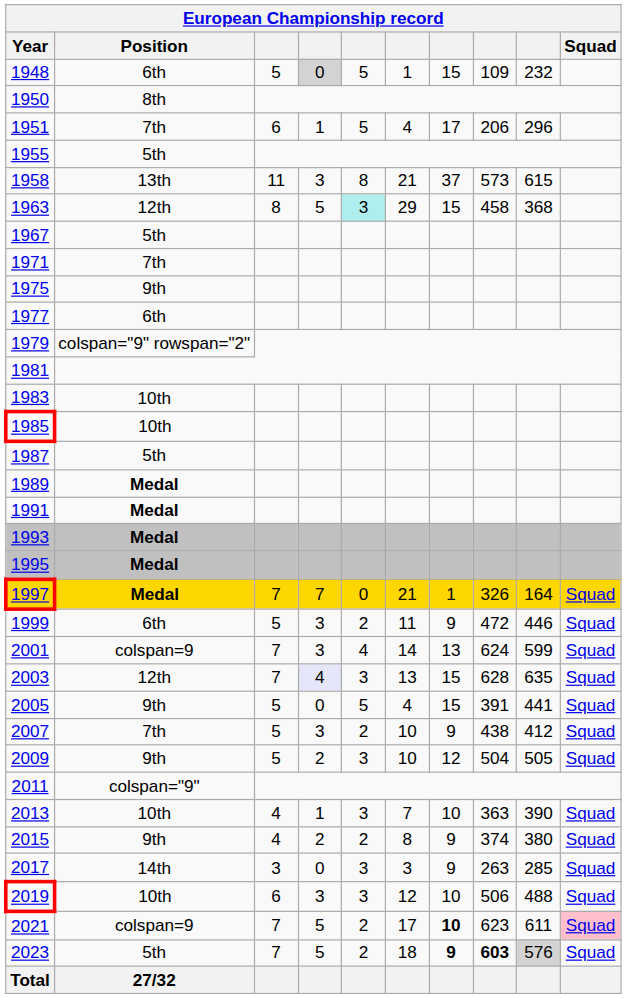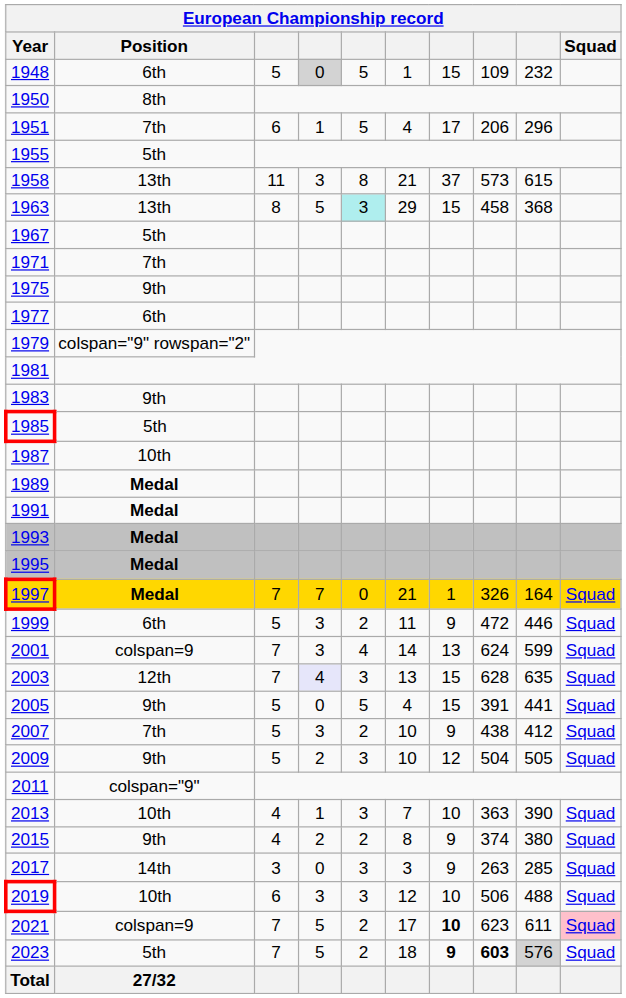 <table class="wikitable" style="text-align: center;font-size:90%;">
 <tr>
 <th colspan=10><a href='#'>European Championship record</a></th>
 </tr>
 <tr>
 <th>Year</th>
 <th>Position</th>
 <th width=30></th>
 <th width=30></th>
 <th width=30></th>
 <th width=30></th>
 <th width=30></th>
 <th width=30></th>
 <th width=30></th>
 <th width=30>Squad</th>
 </tr>
 <tr>
 <td> <a href='#'>1948</a></td>
 <td>6th</td>
 <td>5</td>
 <td style="background: lightgrey;">0</td>
 <td>5</td>
 <td>1</td>
 <td>15</td>
 <td>109</td>
 <td>232</td>
 <td></td>
 </tr>
 <tr>
 <td> <a href='#'>1950</a></td>
 <td>8th</td>
 </tr>
 <tr>
 <td> <a href='#'>1951</a></td>
 <td>7th</td>
 <td>6</td>
 <td>1</td>
 <td>5</td>
 <td>4</td>
 <td>17</td>
 <td>206</td>
 <td>296</td>
 <td></td>
 </tr>
 <tr>
 <td> <a href='#'>1955</a></td>
 <td>5th</td>
 </tr>
 <tr>
 <td> <a href='#'>1958</a></td>
 <td>13th</td>
 <td>11</td>
 <td>3</td>
 <td>8</td>
 <td>21</td>
 <td>37</td>
 <td>573</td>
 <td>615</td>
 <td></td>
 </tr>
 <tr>
 <td> <a href='#'>1963</a></td>
-<td>12th</td>
+<td>13th</td>
 <td>8</td>
 <td>5</td>
 <td style="background: paleturquoise;">3</td>
 <td>29</td>
 <td>15</td>
 <td>458</td>
 <td>368</td>
 <td></td>
 </tr>
 <tr>
 <td> <a href='#'>1967</a></td>
 <td>5th</td>
 <td></td>
 <td></td>
 <td></td>
 <td></td>
 <td></td>
 <td></td>
 <td></td>
 <td></td>
 </tr>
 <tr>
 <td> <a href='#'>1971</a></td>
 <td>7th</td>
 <td></td>
 <td></td>
 <td></td>
 <td></td>
 <td></td>
 <td></td>
 <td></td>
 <td></td>
 </tr>
 <tr>
 <td> <a href='#'>1975</a></td>
 <td>9th</td>
 <td></td>
 <td></td>
 <td></td>
 <td></td>
 <td></td>
 <td></td>
 <td></td>
 <td></td>
 </tr>
 <tr>
 <td> <a href='#'>1977</a></td>
 <td>6th</td>
 <td></td>
 <td></td>
 <td></td>
 <td></td>
 <td></td>
 <td></td>
 <td></td>
 <td></td>
 </tr>
 <tr>
 <td> <a href='#'>1979</a></td>
 <td>colspan="9" rowspan="2" </td>
 </tr>
 <tr>
 <td> <a href='#'>1981</a></td>
 </tr>
 <tr>
 <td> <a href='#'>1983</a></td>
-<td>10th</td>
+<td>9th</td>
 <td></td>
 <td></td>
 <td></td>
 <td></td>
 <td></td>
 <td></td>
 <td></td>
 <td></td>
 </tr>
 <tr>
 <td style="border:3px solid red"> <a href='#'>1985</a></td>
-<td>10th</td>
+<td>5th</td>
 <td></td>
 <td></td>
 <td></td>
 <td></td>
 <td></td>
 <td></td>
 <td></td>
 <td></td>
 </tr>
 <tr>
 <td> <a href='#'>1987</a></td>
-<td>5th</td>
+<td>10th</td>
 <td></td>
 <td></td>
 <td></td>
 <td></td>
 <td></td>
 <td></td>
 <td></td>
 <td></td>
 </tr>
 <tr>
 <td> <a href='#'>1989</a></td>
 <td><strong> Medal</strong></td>
 <td></td>
 <td></td>
 <td></td>
 <td></td>
 <td></td>
 <td></td>
 <td></td>
 <td></td>
 </tr>
 <tr>
 <td> <a href='#'>1991</a></td>
 <td><strong> Medal</strong></td>
 <td></td>
 <td></td>
 <td></td>
 <td></td>
 <td></td>
 <td></td>
 <td></td>
 <td></td>
 </tr>
 <tr bgcolor="silver">
 <td> <a href='#'>1993</a></td>
 <td><strong> Medal</strong></td>
 <td></td>
 <td></td>
 <td></td>
 <td></td>
 <td></td>
 <td></td>
 <td></td>
 <td></td>
 </tr>
 <tr bgcolor="silver">
 <td> <a href='#'>1995</a></td>
 <td><strong> Medal</strong></td>
 <td></td>
 <td></td>
 <td></td>
 <td></td>
 <td></td>
 <td></td>
 <td></td>
 <td></td>
 </tr>
 <tr bgcolor="gold">
 <td style="border:3px solid red"> <a href='#'>1997</a></td>
 <td><strong> Medal</strong></td>
 <td>7</td>
 <td>7</td>
 <td>0</td>
 <td>21</td>
 <td>1</td>
 <td>326</td>
 <td>164</td>
 <td><a href='#'>Squad</a></td>
 </tr>
 <tr>
 <td> <a href='#'>1999</a></td>
 <td>6th</td>
 <td>5</td>
 <td>3</td>
 <td>2</td>
 <td>11</td>
 <td>9</td>
 <td>472</td>
 <td>446</td>
 <td><a href='#'>Squad</a></td>
 </tr>
 <tr>
 <td> <a href='#'>2001</a></td>
 <td>colspan=9  </td>
 <td>7</td>
 <td>3</td>
 <td>4</td>
 <td>14</td>
 <td>13</td>
 <td>624</td>
 <td>599</td>
 <td><a href='#'>Squad</a></td>
 </tr>
 <tr>
 <td> <a href='#'>2003</a></td>
 <td>12th</td>
 <td>7</td>
 <td style="background: lavender;">4</td>
 <td>3</td>
 <td>13</td>
 <td>15</td>
 <td>628</td>
 <td>635</td>
 <td><a href='#'>Squad</a></td>
 </tr>
 <tr>
 <td>  <a href='#'>2005</a></td>
 <td>9th</td>
 <td>5</td>
 <td>0</td>
 <td>5</td>
 <td>4</td>
 <td>15</td>
 <td>391</td>
 <td>441</td>
 <td><a href='#'>Squad</a></td>
 </tr>
 <tr>
 <td> <a href='#'>2007</a></td>
 <td>7th</td>
 <td>5</td>
 <td>3</td>
 <td>2</td>
 <td>10</td>
 <td>9</td>
 <td>438</td>
 <td>412</td>
 <td><a href='#'>Squad</a></td>
 </tr>
 <tr>
 <td> <a href='#'>2009</a></td>
 <td>9th</td>
 <td>5</td>
 <td>2</td>
 <td>3</td>
 <td>10</td>
 <td>12</td>
 <td>504</td>
 <td>505</td>
 <td><a href='#'>Squad</a></td>
 </tr>
 <tr>
 <td>  <a href='#'>2011</a></td>
 <td>colspan="9" </td>
 </tr>
 <tr>
 <td>  <a href='#'>2013</a></td>
 <td>10th</td>
 <td>4</td>
 <td>1</td>
 <td>3</td>
 <td>7</td>
 <td>10</td>
 <td>363</td>
 <td>390</td>
 <td><a href='#'>Squad</a></td>
 </tr>
 <tr>
 <td>  <a href='#'>2015</a></td>
 <td>9th</td>
 <td>4</td>
 <td>2</td>
 <td>2</td>
 <td>8</td>
 <td>9</td>
 <td>374</td>
 <td>380</td>
 <td><a href='#'>Squad</a></td>
 </tr>
 <tr>
 <td> <a href='#'>2017</a></td>
 <td>14th</td>
 <td>3</td>
 <td>0</td>
 <td>3</td>
 <td>3</td>
 <td>9</td>
 <td>263</td>
 <td>285</td>
 <td><a href='#'>Squad</a></td>
 </tr>
 <tr>
 <td style="border:3px solid red">    <a href='#'>2019</a></td>
 <td>10th</td>
 <td>6</td>
 <td>3</td>
 <td>3</td>
 <td>12</td>
 <td>10</td>
 <td>506</td>
 <td>488</td>
 <td><a href='#'>Squad</a></td>
 </tr>
 <tr>
 <td>    <a href='#'>2021</a></td>
 <td>colspan=9  </td>
 <td>7</td>
 <td>5</td>
 <td>2</td>
 <td>17</td>
 <td><strong>10</strong></td>
 <td>623</td>
 <td>611</td>
 <td style="background: pink;"><a href='#'>Squad</a></td>
 </tr>
 <tr>
 <td>    <a href='#'>2023</a></td>
 <td>5th</td>
 <td>7</td>
 <td>5</td>
 <td>2</td>
 <td>18</td>
 <td><strong>9</strong></td>
 <td><strong>603</strong></td>
 <td style="background: lightgrey;">576</td>
 <td><a href='#'>Squad</a></td>
 </tr>
 <tr>
 <th><strong>Total</strong></th>
 <th><strong>27/32</strong></th>
 <th></th>
 <th></th>
 <th></th>
 <th></th>
 <th></th>
 <th></th>
 <th></th>
 <th></th>
 </tr>
 </table>
